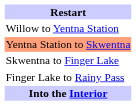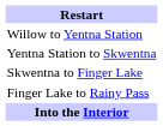 <table class="toccolours" style="float:right; margin:0 .4em; font-size:95%">
 <tr>
 <th style="text-align:center; background:#ccf;">Restart</th>
 </tr>
 <tr>
 <td>Willow to <a href='#'>Yentna Station</a> </td>
 </tr>
 <tr>
-<td style="background: lightsalmon;">Yentna Station to <a href='#'>Skwentna</a> </td>
+<td>Yentna Station to <a href='#'>Skwentna</a> </td>
 </tr>
 <tr>
 <td>Skwentna to <a href='#'>Finger Lake</a> </td>
 </tr>
 <tr>
 <td>Finger Lake to <a href='#'>Rainy Pass</a> </td>
 </tr>
 <tr>
 <th style="text-align:center; background:#ccf;">Into the <a href='#'>Interior</a></th>
 </tr>
 </table>
